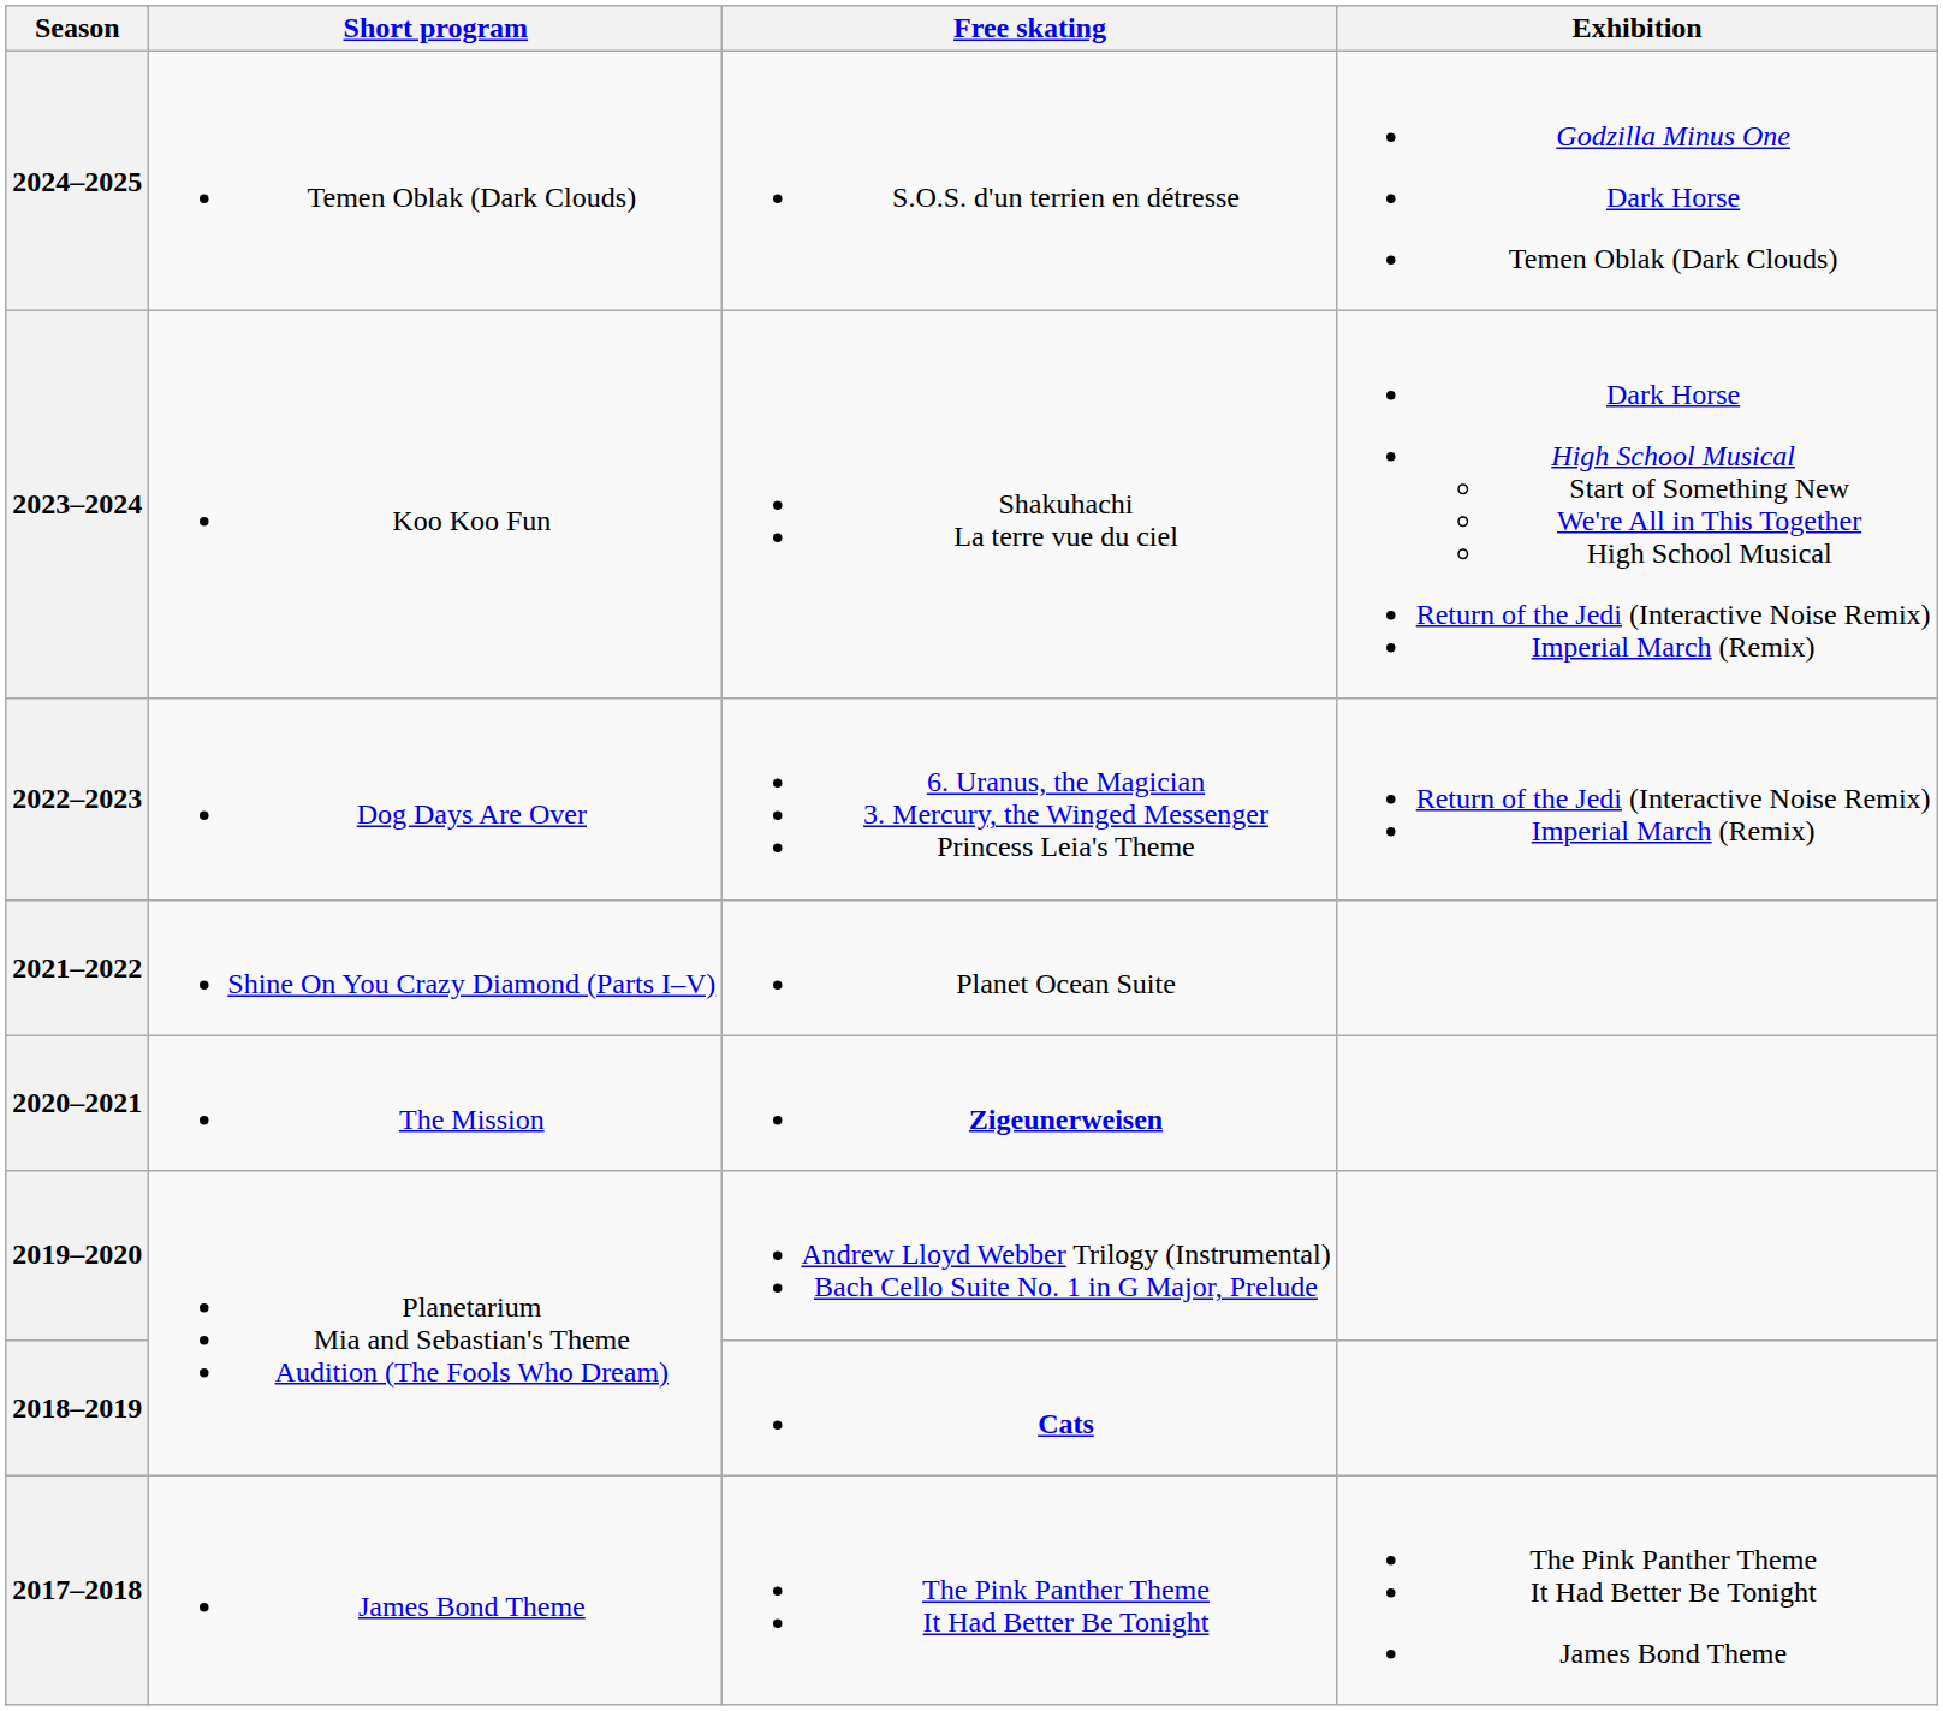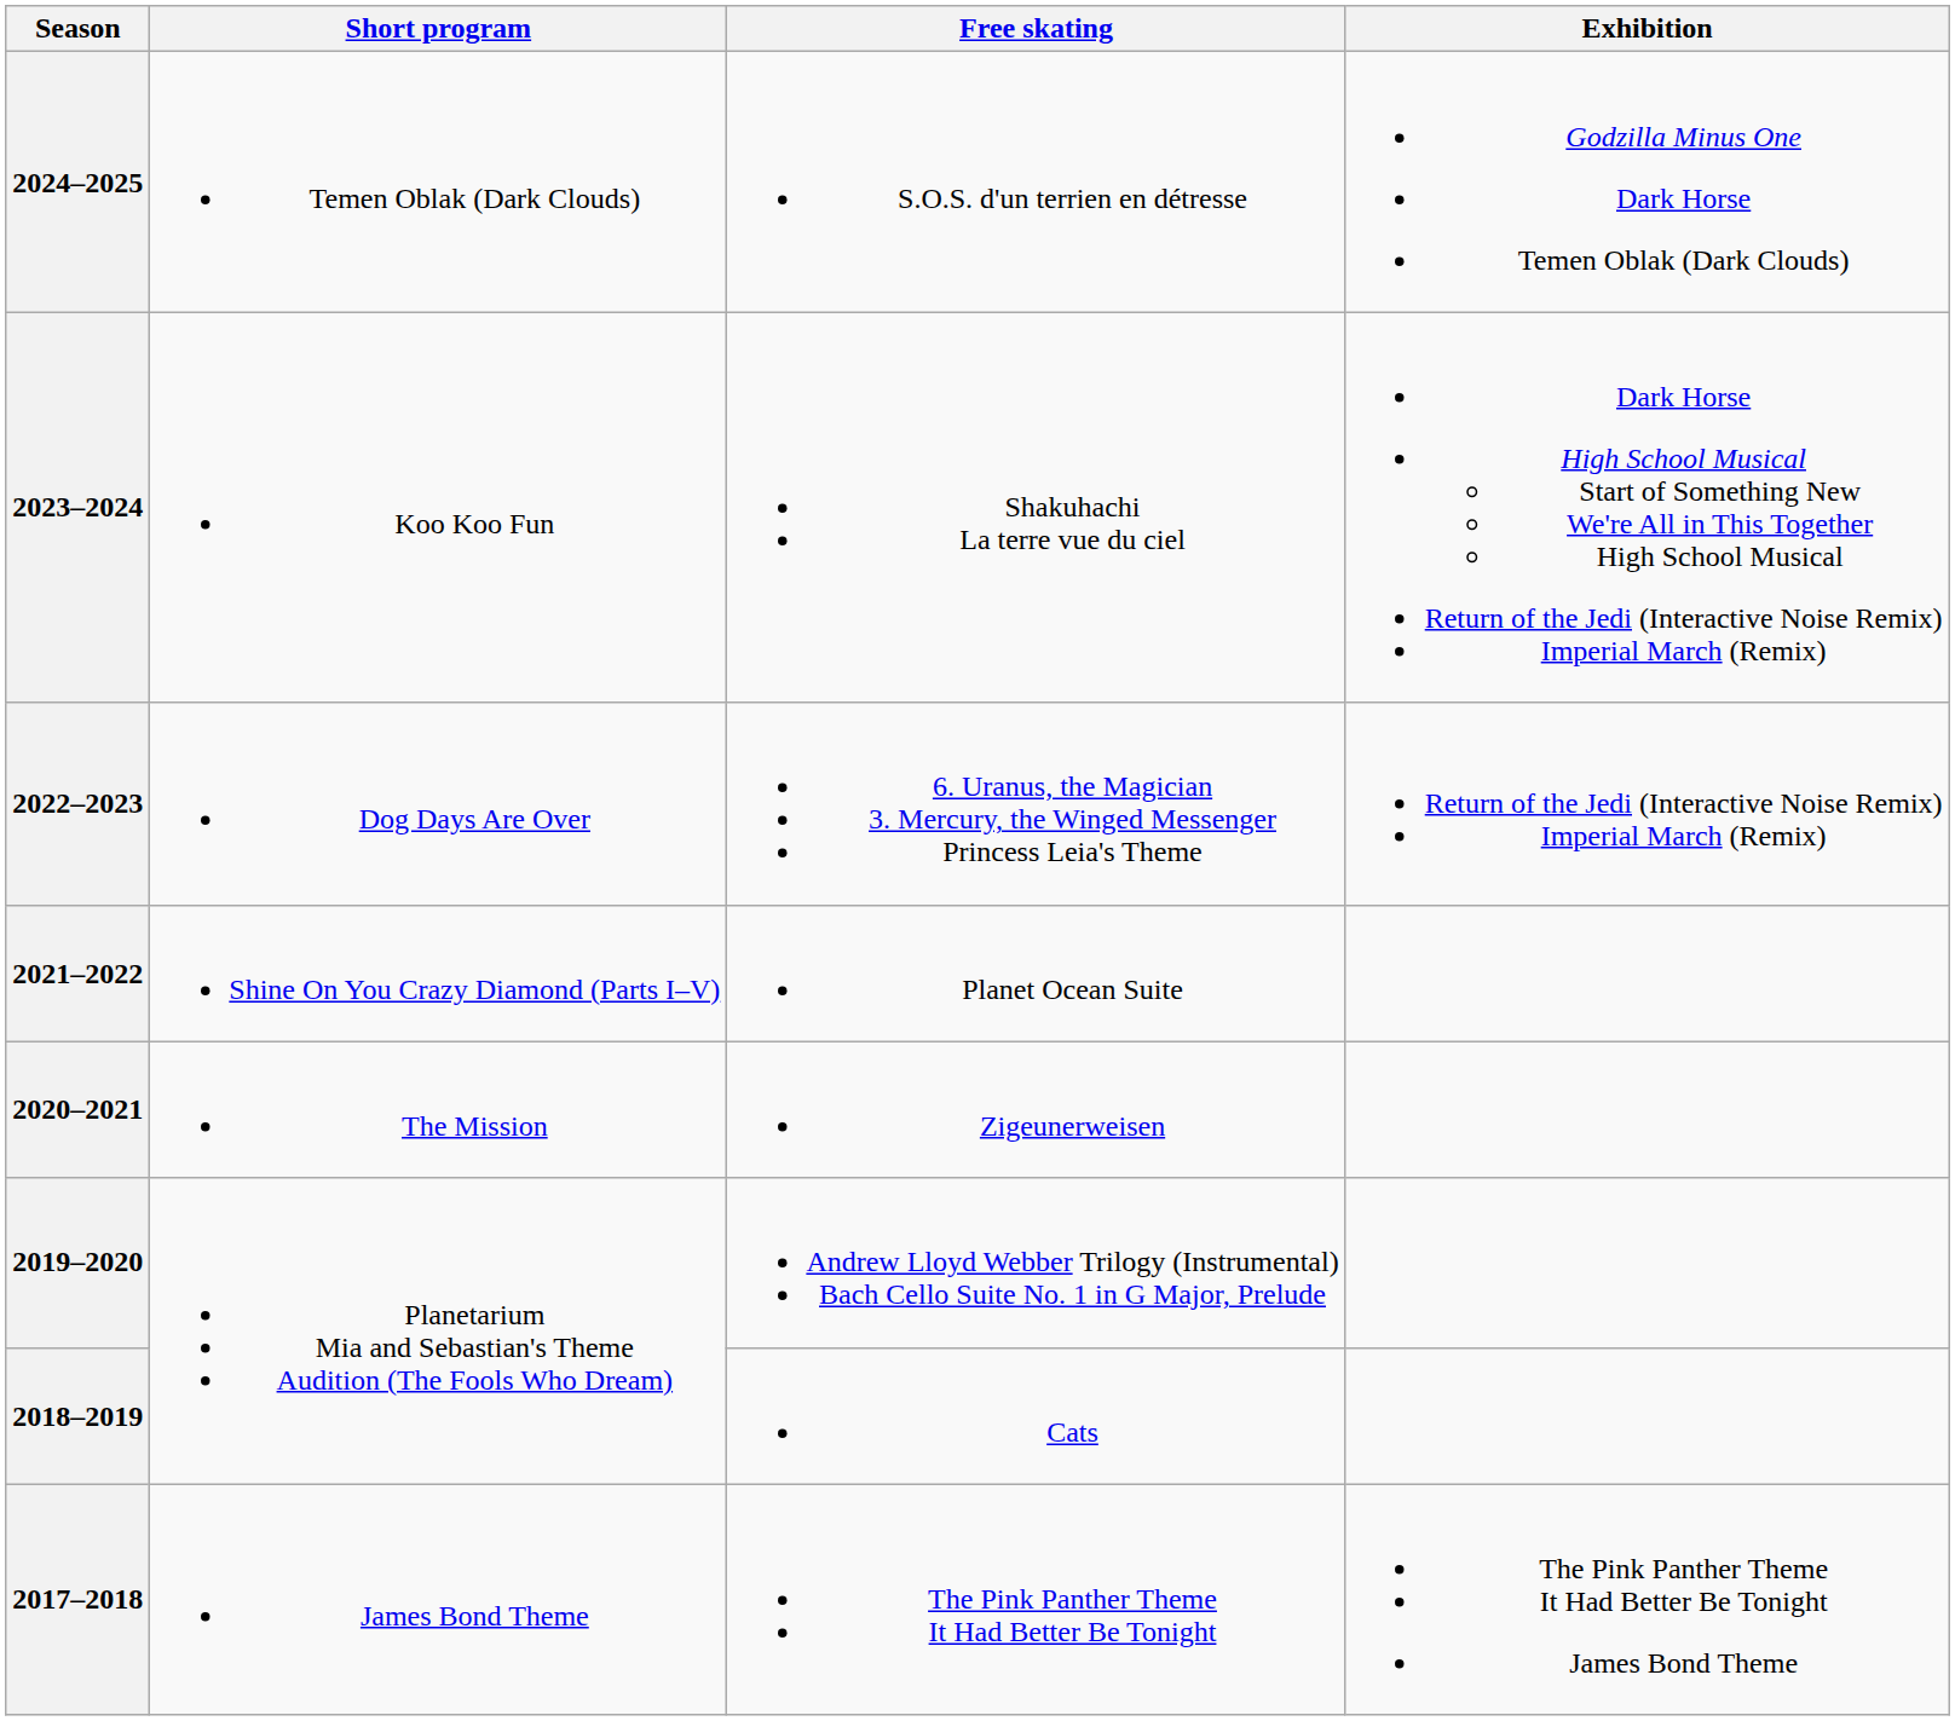 <table class=wikitable style=text-align:center>
 <tr>
 <th>Season</th>
 <th><a href='#'>Short program</a></th>
 <th><a href='#'>Free skating</a></th>
 <th>Exhibition</th>
 </tr>
 <tr>
 <th>2024–2025 <br> </th>
 <td><br><ul><li>Temen Oblak (Dark Clouds) <br> </li></ul></td>
 <td><br><ul><li>S.O.S. d'un terrien en détresse <br> </li></ul></td>
 <td><br><ul><li><em><a href='#'>Godzilla Minus One</a></em> <br> </li></ul><ul><li><a href='#'>Dark Horse</a> <br></li></ul><ul><li>Temen Oblak (Dark Clouds) <br> </li></ul></td>
 </tr>
 <tr>
 <th>2023–2024 <br> </th>
 <td><br><ul><li>Koo Koo Fun <br> </li></ul></td>
 <td><br><ul><li>Shakuhachi <br></li><li>La terre vue du ciel <br> </li></ul></td>
 <td><br><ul><li><a href='#'>Dark Horse</a> <br></li></ul><ul><li><em><a href='#'>High School Musical</a></em><ul><li>Start of Something New</li><li><a href='#'>We're All in This Together</a></li><li>High School Musical <br> </li></ul></li></ul><ul><li><a href='#'>Return of the Jedi</a> (Interactive Noise Remix) <br></li><li><a href='#'>Imperial March</a> (Remix)<br></li></ul></td>
 </tr>
 <tr>
 <th>2022–2023 <br> </th>
 <td><br><ul><li><a href='#'>Dog Days Are Over</a> <br> </li></ul></td>
 <td><br><ul><li><a href='#'>6. Uranus, the Magician</a></li><li><a href='#'>3. Mercury, the Winged Messenger</a> <br> </li><li>Princess Leia's Theme <br> </li></ul></td>
 <td><br><ul><li><a href='#'>Return of the Jedi</a> (Interactive Noise Remix) <br></li><li><a href='#'>Imperial March</a> (Remix)<br></li></ul></td>
 </tr>
 <tr>
 <th>2021–2022 <br> </th>
 <td><br><ul><li><a href='#'>Shine On You Crazy Diamond (Parts I–V)</a> <br> </li></ul></td>
 <td><br><ul><li>Planet Ocean Suite <br> </li></ul></td>
 <td></td>
 </tr>
 <tr>
 <th>2020–2021 <br> </th>
 <td><br><ul><li><a href='#'>The Mission</a> <br> </li></ul></td>
-<td><strong><br><ul><li><a href='#'>Zigeunerweisen</a> <br> </li></ul></strong></td>
+<td><br><ul><li><a href='#'>Zigeunerweisen</a> <br> </li></ul></td>
 <td></td>
 </tr>
 <tr>
 <th>2019–2020 <br> </th>
 <td rowspan=2><br><ul><li>Planetarium</li><li>Mia and Sebastian's Theme</li><li><a href='#'>Audition (The Fools Who Dream)</a> <br> </li></ul></td>
 <td><br><ul><li><a href='#'>Andrew Lloyd Webber</a> Trilogy (Instrumental) <br> </li><li><a href='#'>Bach Cello Suite No. 1 in G Major, Prelude</a> <br> </li></ul></td>
 <td></td>
 </tr>
 <tr>
 <th>2018–2019 <br> </th>
-<td><strong><br><ul><li><a href='#'>Cats</a> <br> </li></ul></strong></td>
+<td><br><ul><li><a href='#'>Cats</a> <br> </li></ul></td>
 <td></td>
 </tr>
 <tr>
 <th>2017–2018 <br> </th>
 <td><br><ul><li><a href='#'>James Bond Theme</a> <br> </li></ul></td>
 <td><br><ul><li><a href='#'>The Pink Panther Theme</a> <br> </li><li><a href='#'>It Had Better Be Tonight</a> <br> </li></ul></td>
 <td><br><ul><li>The Pink Panther Theme <br> </li><li>It Had Better Be Tonight <br> </li></ul><ul><li>James Bond Theme <br> </li></ul></td>
 </tr>
 </table>
